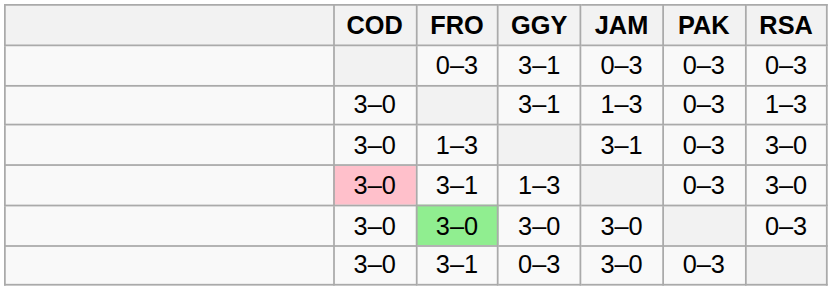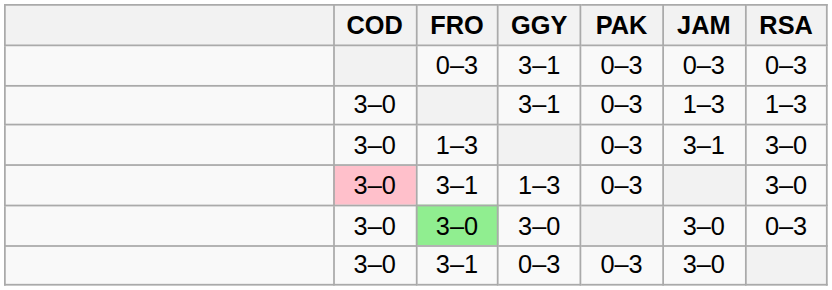 <table class="wikitable" style="text-align:center; font-size:90%">
 <tr>
 <th width="180"> </th>
 <th width="40">COD</th>
 <th width="40">FRO</th>
 <th width="40">GGY</th>
+<th width="40">PAK</th>
 <th width="40">JAM</th>
-<th width="40">PAK</th>
 <th width="40">RSA</th>
 </tr>
 <tr>
 <td style="text-align:left;"></td>
 <th></th>
 <td>0–3</td>
 <td>3–1</td>
 <td>0–3</td>
 <td>0–3</td>
 <td>0–3</td>
 </tr>
 <tr>
 <td style="text-align:left;"></td>
 <td>3–0</td>
 <th></th>
 <td>3–1</td>
+<td>0–3</td>
 <td>1–3</td>
-<td>0–3</td>
 <td>1–3</td>
 </tr>
 <tr>
 <td style="text-align:left;"></td>
 <td>3–0</td>
 <td>1–3</td>
 <th></th>
+<td>0–3</td>
 <td>3–1</td>
-<td>0–3</td>
 <td>3–0</td>
 </tr>
 <tr>
 <td style="text-align:left;"></td>
 <td style="background: pink;">3–0</td>
 <td>3–1</td>
 <td>1–3</td>
+<td>0–3</td>
 <th></th>
-<td>0–3</td>
 <td>3–0</td>
 </tr>
 <tr>
 <td style="text-align:left;"></td>
 <td>3–0</td>
 <td style="background: lightgreen;">3–0</td>
 <td>3–0</td>
+<th></th>
 <td>3–0</td>
-<th></th>
 <td>0–3</td>
 </tr>
 <tr>
 <td style="text-align:left;"></td>
 <td>3–0</td>
 <td>3–1</td>
 <td>0–3</td>
+<td>0–3</td>
 <td>3–0</td>
-<td>0–3</td>
 <th></th>
 </tr>
 </table>
